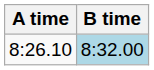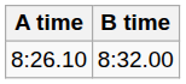 <table class="wikitable" border="1" align="upright">
 <tr>
 <th>A time</th>
 <th>B time</th>
 </tr>
 <tr>
 <td>8:26.10</td>
-<td style="background: lightblue;">8:32.00</td>
+<td>8:32.00</td>
 </tr>
 </table>
